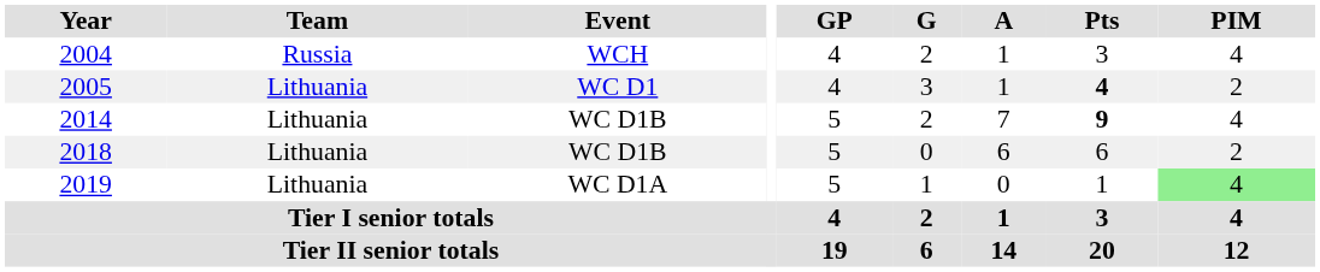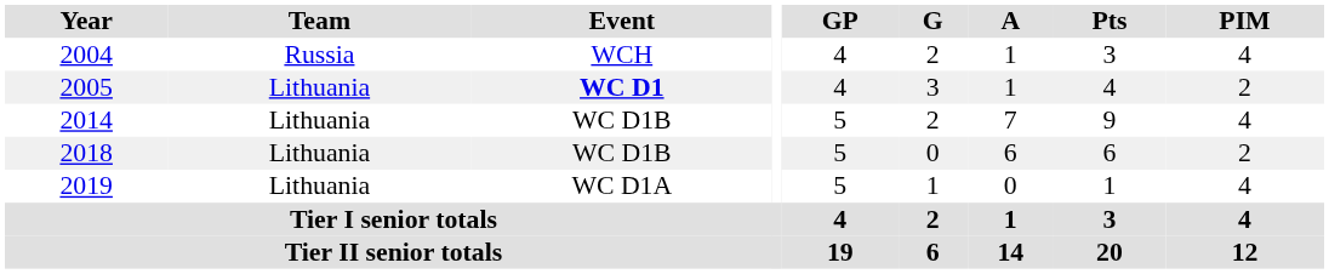 <table border="0" cellpadding="1" cellspacing="0" style="text-align:center; width:50em">
 <tr bgcolor="#e0e0e0">
 <th>Year</th>
 <th>Team</th>
 <th>Event</th>
 <th rowspan="99" bgcolor="#ffffff"></th>
 <th>GP</th>
 <th>G</th>
 <th>A</th>
 <th>Pts</th>
 <th>PIM</th>
 </tr>
 <tr>
 <td><a href='#'>2004</a></td>
 <td><a href='#'>Russia</a></td>
 <td><a href='#'>WCH</a></td>
 <td>4</td>
 <td>2</td>
 <td>1</td>
 <td>3</td>
 <td>4</td>
 </tr>
 <tr bgcolor="#f0f0f0">
 <td><a href='#'>2005</a></td>
 <td><a href='#'>Lithuania</a></td>
-<td><a href='#'>WC D1</a></td>
+<td><strong><a href='#'>WC D1</a></strong></td>
 <td>4</td>
 <td>3</td>
 <td>1</td>
-<td><strong>4</strong></td>
+<td>4</td>
 <td>2</td>
 </tr>
 <tr>
 <td><a href='#'>2014</a></td>
 <td>Lithuania</td>
 <td>WC D1B</td>
 <td>5</td>
 <td>2</td>
 <td>7</td>
-<td><strong>9</strong></td>
+<td>9</td>
 <td>4</td>
 </tr>
 <tr bgcolor="#f0f0f0">
 <td><a href='#'>2018</a></td>
 <td>Lithuania</td>
 <td>WC D1B</td>
 <td>5</td>
 <td>0</td>
 <td>6</td>
 <td>6</td>
 <td>2</td>
 </tr>
 <tr>
 <td><a href='#'>2019</a></td>
 <td>Lithuania</td>
 <td>WC D1A</td>
 <td>5</td>
 <td>1</td>
 <td>0</td>
 <td>1</td>
-<td style="background: lightgreen;">4</td>
+<td>4</td>
 </tr>
 <tr bgcolor="#e0e0e0">
 <th colspan="4">Tier I senior totals</th>
 <th>4</th>
 <th>2</th>
 <th>1</th>
 <th>3</th>
 <th>4</th>
 </tr>
 <tr bgcolor="#e0e0e0">
 <th colspan="4">Tier II senior totals</th>
 <th>19</th>
 <th>6</th>
 <th>14</th>
 <th>20</th>
 <th>12</th>
 </tr>
 </table>
